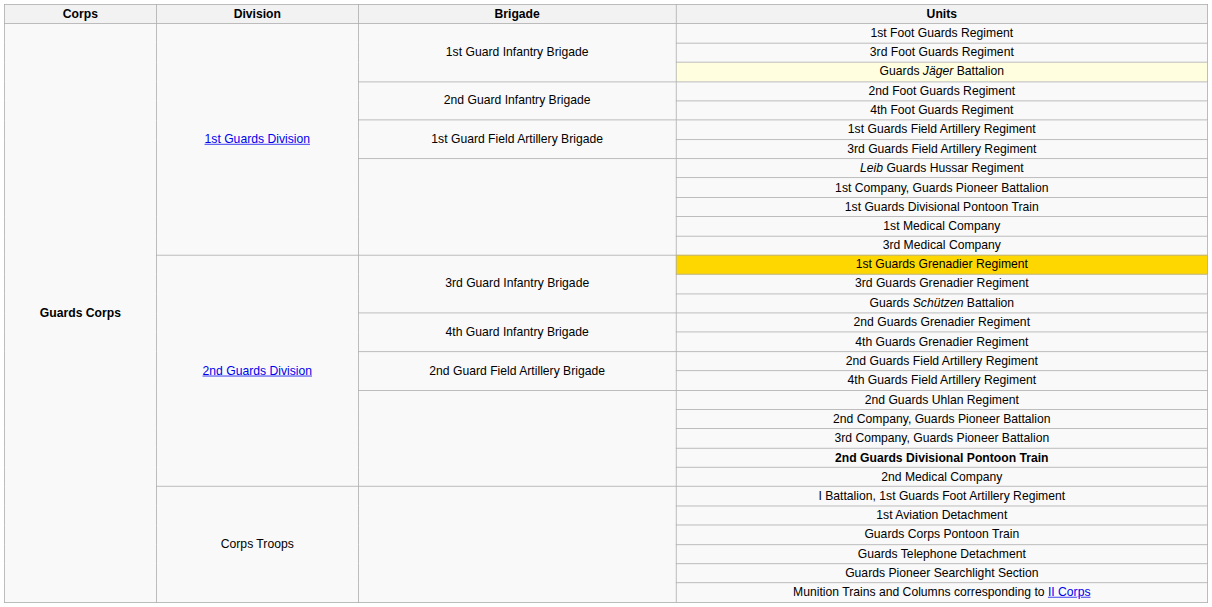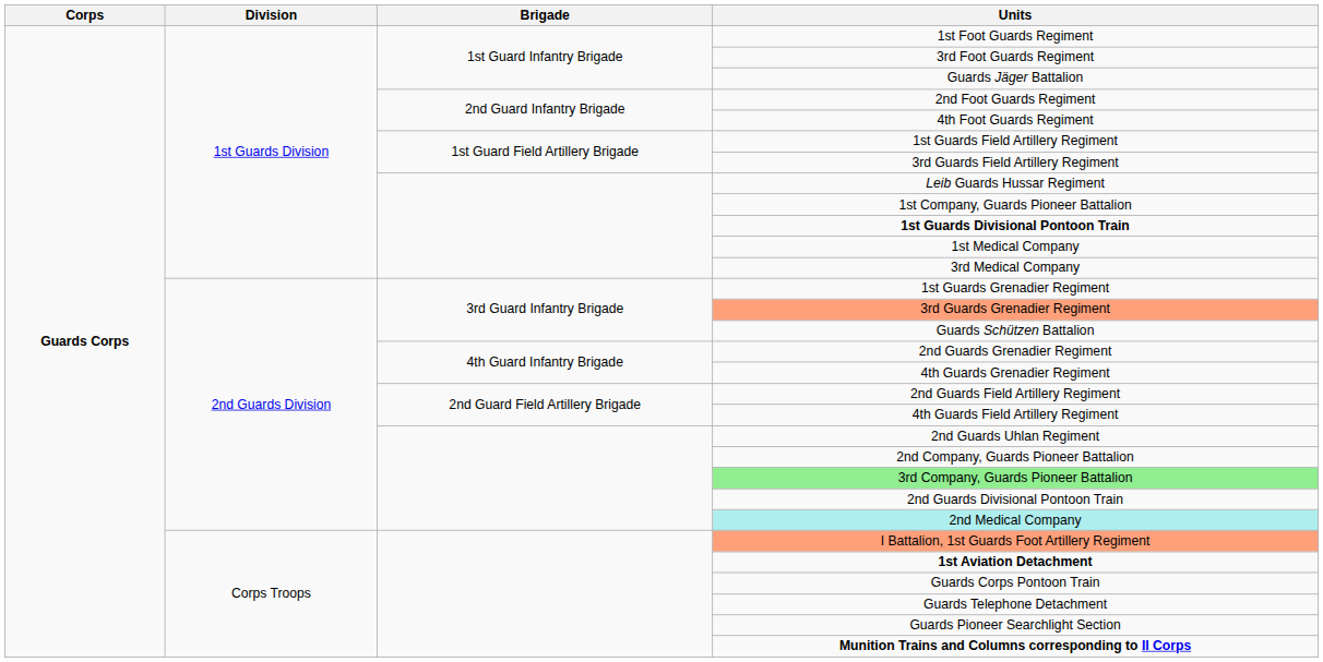 <table class="wikitable collapsible collapsed" style="text-align:center; width:100%;">
 <tr>
 <th>Corps</th>
 <th>Division</th>
 <th>Brigade</th>
 <th>Units</th>
 </tr>
 <tr>
 <td ROWSPAN=30><strong>Guards Corps</strong></td>
 <td ROWSPAN=12><a href='#'>1st Guards Division</a></td>
 <td ROWSPAN=3>1st Guard Infantry Brigade</td>
 <td>1st Foot Guards Regiment</td>
 </tr>
 <tr>
 <td>3rd Foot Guards Regiment</td>
 </tr>
 <tr>
-<td style="background: lightyellow;">Guards <em>Jäger</em> Battalion</td>
+<td>Guards <em>Jäger</em> Battalion</td>
 </tr>
 <tr>
 <td ROWSPAN=2>2nd Guard Infantry Brigade</td>
 <td>2nd Foot Guards Regiment</td>
 </tr>
 <tr>
 <td>4th Foot Guards Regiment</td>
 </tr>
 <tr>
 <td ROWSPAN=2>1st Guard Field Artillery Brigade</td>
 <td>1st Guards Field Artillery Regiment</td>
 </tr>
 <tr>
 <td>3rd Guards Field Artillery Regiment</td>
 </tr>
 <tr>
 <td ROWSPAN=5></td>
 <td><em>Leib</em> Guards Hussar Regiment</td>
 </tr>
 <tr>
 <td>1st Company, Guards Pioneer Battalion</td>
 </tr>
 <tr>
-<td>1st Guards Divisional Pontoon Train</td>
+<td><strong>1st Guards Divisional Pontoon Train</strong></td>
 </tr>
 <tr>
 <td>1st Medical Company</td>
 </tr>
 <tr>
 <td>3rd Medical Company</td>
 </tr>
 <tr>
 <td ROWSPAN=12><a href='#'>2nd Guards Division</a></td>
 <td ROWSPAN=3>3rd Guard Infantry Brigade</td>
-<td style="background: gold;">1st Guards Grenadier Regiment</td>
+<td>1st Guards Grenadier Regiment</td>
 </tr>
 <tr>
-<td>3rd Guards Grenadier Regiment</td>
+<td style="background: lightsalmon;">3rd Guards Grenadier Regiment</td>
 </tr>
 <tr>
 <td>Guards <em>Schützen</em> Battalion</td>
 </tr>
 <tr>
 <td ROWSPAN=2>4th Guard Infantry Brigade</td>
 <td>2nd Guards Grenadier Regiment</td>
 </tr>
 <tr>
 <td>4th Guards Grenadier Regiment</td>
 </tr>
 <tr>
 <td ROWSPAN=2>2nd Guard Field Artillery Brigade</td>
 <td>2nd Guards Field Artillery Regiment</td>
 </tr>
 <tr>
 <td>4th Guards Field Artillery Regiment</td>
 </tr>
 <tr>
 <td ROWSPAN=5></td>
 <td>2nd Guards Uhlan Regiment</td>
 </tr>
 <tr>
 <td>2nd Company, Guards Pioneer Battalion</td>
 </tr>
 <tr>
-<td>3rd Company, Guards Pioneer Battalion</td>
+<td style="background: lightgreen;">3rd Company, Guards Pioneer Battalion</td>
 </tr>
 <tr>
-<td><strong>2nd Guards Divisional Pontoon Train</strong></td>
+<td>2nd Guards Divisional Pontoon Train</td>
 </tr>
 <tr>
-<td>2nd Medical Company</td>
+<td style="background: paleturquoise;">2nd Medical Company</td>
 </tr>
 <tr>
 <td ROWSPAN=6>Corps Troops</td>
 <td ROWSPAN=6></td>
-<td>I Battalion, 1st Guards Foot Artillery Regiment</td>
+<td style="background: lightsalmon;">I Battalion, 1st Guards Foot Artillery Regiment</td>
 </tr>
 <tr>
-<td>1st Aviation Detachment</td>
+<td><strong>1st Aviation Detachment</strong></td>
 </tr>
 <tr>
 <td>Guards Corps Pontoon Train</td>
 </tr>
 <tr>
 <td>Guards Telephone Detachment</td>
 </tr>
 <tr>
 <td>Guards Pioneer Searchlight Section</td>
 </tr>
 <tr>
-<td>Munition Trains and Columns corresponding to <a href='#'>II Corps</a></td>
+<td><strong>Munition Trains and Columns corresponding to <a href='#'>II Corps</a></strong></td>
 </tr>
 </table>
